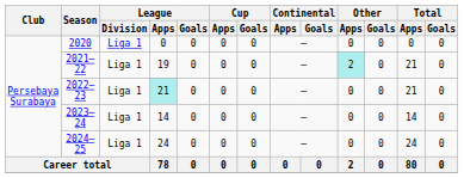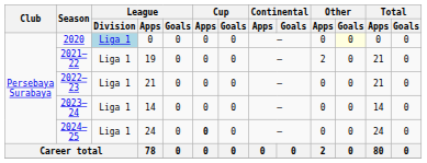 <table class="wikitable" style="text-align: center">
 <tr>
 <th rowspan="2">Club</th>
 <th rowspan="2">Season</th>
 <th colspan="3">League</th>
 <th colspan="2">Cup</th>
 <th colspan="2">Continental</th>
 <th colspan="2">Other</th>
 <th colspan="2">Total</th>
 </tr>
 <tr>
 <th>Division</th>
 <th>Apps</th>
 <th>Goals</th>
 <th>Apps</th>
 <th>Goals</th>
 <th>Apps</th>
 <th>Goals</th>
 <th>Apps</th>
 <th>Goals</th>
 <th>Apps</th>
 <th>Goals</th>
 </tr>
 <tr>
 <td rowspan="5"><a href='#'>Persebaya Surabaya</a></td>
 <td><a href='#'>2020</a></td>
-<td rowspan="1" valign="center"><a href='#'>Liga 1</a></td>
+<td rowspan="1" valign="center" style="background: lightblue;"><a href='#'>Liga 1</a></td>
 <td>0</td>
 <td>0</td>
 <td>0</td>
 <td>0</td>
 <td colspan="2">—</td>
 <td>0</td>
-<td>0</td>
+<td style="background: lightyellow;">0</td>
 <td>0</td>
 <td>0</td>
 </tr>
 <tr>
 <td><a href='#'>2021–22</a></td>
 <td rowspan="1" valign="center">Liga 1</td>
 <td>19</td>
 <td>0</td>
 <td>0</td>
 <td>0</td>
 <td colspan="2">—</td>
-<td style="background: paleturquoise;">2</td>
+<td>2</td>
 <td>0</td>
 <td>21</td>
 <td>0</td>
 </tr>
 <tr>
 <td><a href='#'>2022–23</a></td>
 <td rowspan="1" valign="center">Liga 1</td>
-<td style="background: paleturquoise;">21</td>
+<td>21</td>
 <td>0</td>
 <td>0</td>
 <td>0</td>
 <td colspan=2>—</td>
 <td>0</td>
 <td>0</td>
 <td>21</td>
 <td>0</td>
 </tr>
 <tr>
 <td><a href='#'>2023–24</a></td>
 <td>Liga 1</td>
 <td>14</td>
 <td>0</td>
 <td>0</td>
 <td>0</td>
 <td colspan="2">—</td>
 <td>0</td>
 <td>0</td>
 <td>14</td>
 <td>0</td>
 </tr>
 <tr>
 <td><a href='#'>2024–25</a></td>
 <td>Liga 1</td>
 <td>24</td>
 <td>0</td>
-<td>0</td>
+<td><strong>0</strong></td>
 <td>0</td>
 <td colspan="2">—</td>
 <td>0</td>
 <td>0</td>
 <td>24</td>
 <td>0</td>
 </tr>
 <tr>
 <th colspan=3>Career total</th>
 <th>78</th>
 <th>0</th>
 <th>0</th>
 <th>0</th>
 <th>0</th>
 <th>0</th>
 <th>2</th>
 <th>0</th>
 <th>80</th>
 <th>0</th>
 </tr>
 <tr>
 </tr>
 </table>
